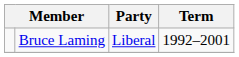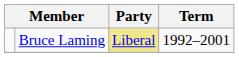 <table class="wikitable">
 <tr>
 <th colspan="2">Member</th>
 <th>Party</th>
 <th>Term</th>
 </tr>
 <tr>
 <td> </td>
 <td><a href='#'>Bruce Laming</a></td>
-<td><a href='#'>Liberal</a></td>
+<td style="background: khaki;"><a href='#'>Liberal</a></td>
 <td>1992–2001</td>
 </tr>
 <tr>
 </tr>
 </table>
